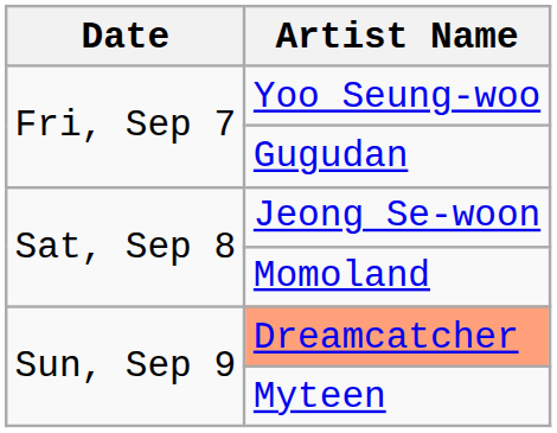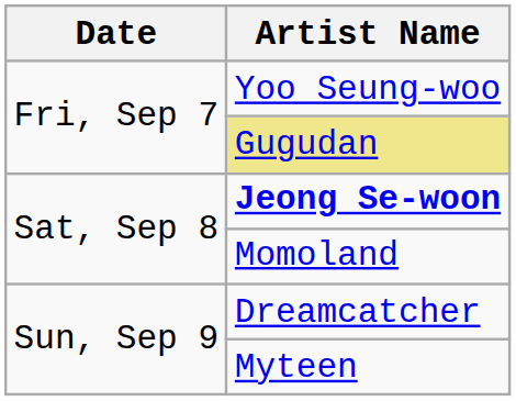 <table class="wikitable">
 <tr>
 <th>Date</th>
 <th><strong>Artist Name</strong></th>
 </tr>
 <tr>
 <td rowspan="2">Fri, Sep 7</td>
 <td><a href='#'>Yoo Seung-woo</a></td>
 </tr>
 <tr>
-<td><a href='#'>Gugudan</a></td>
+<td style="background: khaki;"><a href='#'>Gugudan</a></td>
 </tr>
 <tr>
 <td rowspan="2">Sat, Sep 8</td>
-<td><a href='#'>Jeong Se-woon</a></td>
+<td><strong><a href='#'>Jeong Se-woon</a></strong></td>
 </tr>
 <tr>
 <td><a href='#'>Momoland</a></td>
 </tr>
 <tr>
 <td rowspan="2">Sun, Sep 9</td>
-<td style="background: lightsalmon;"><a href='#'>Dreamcatcher</a></td>
+<td><a href='#'>Dreamcatcher</a></td>
 </tr>
 <tr>
 <td><a href='#'>Myteen</a></td>
 </tr>
 </table>
